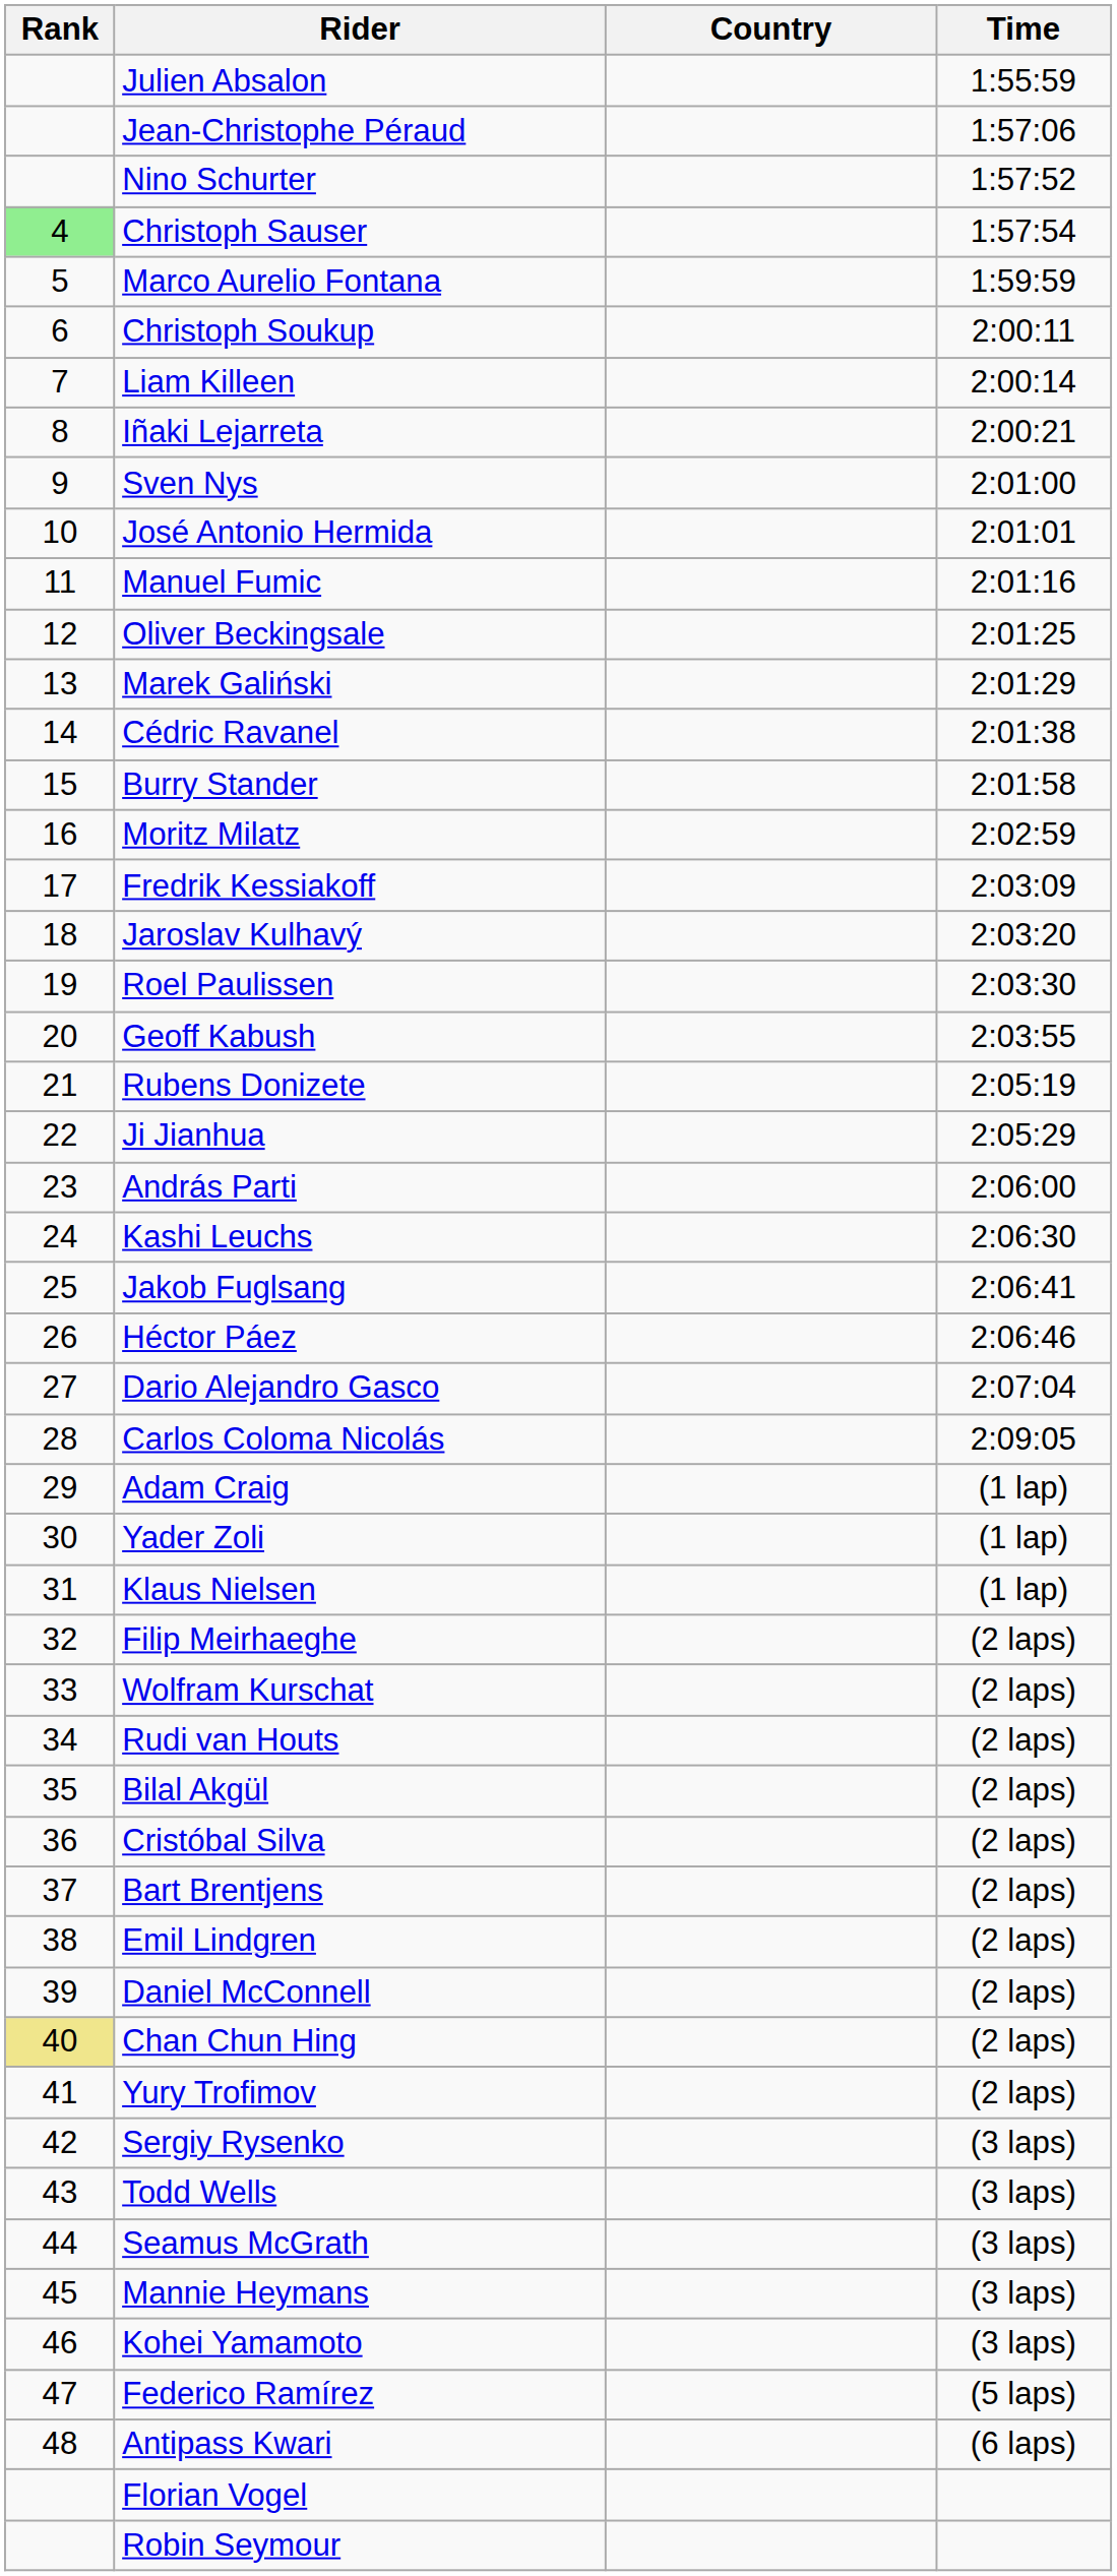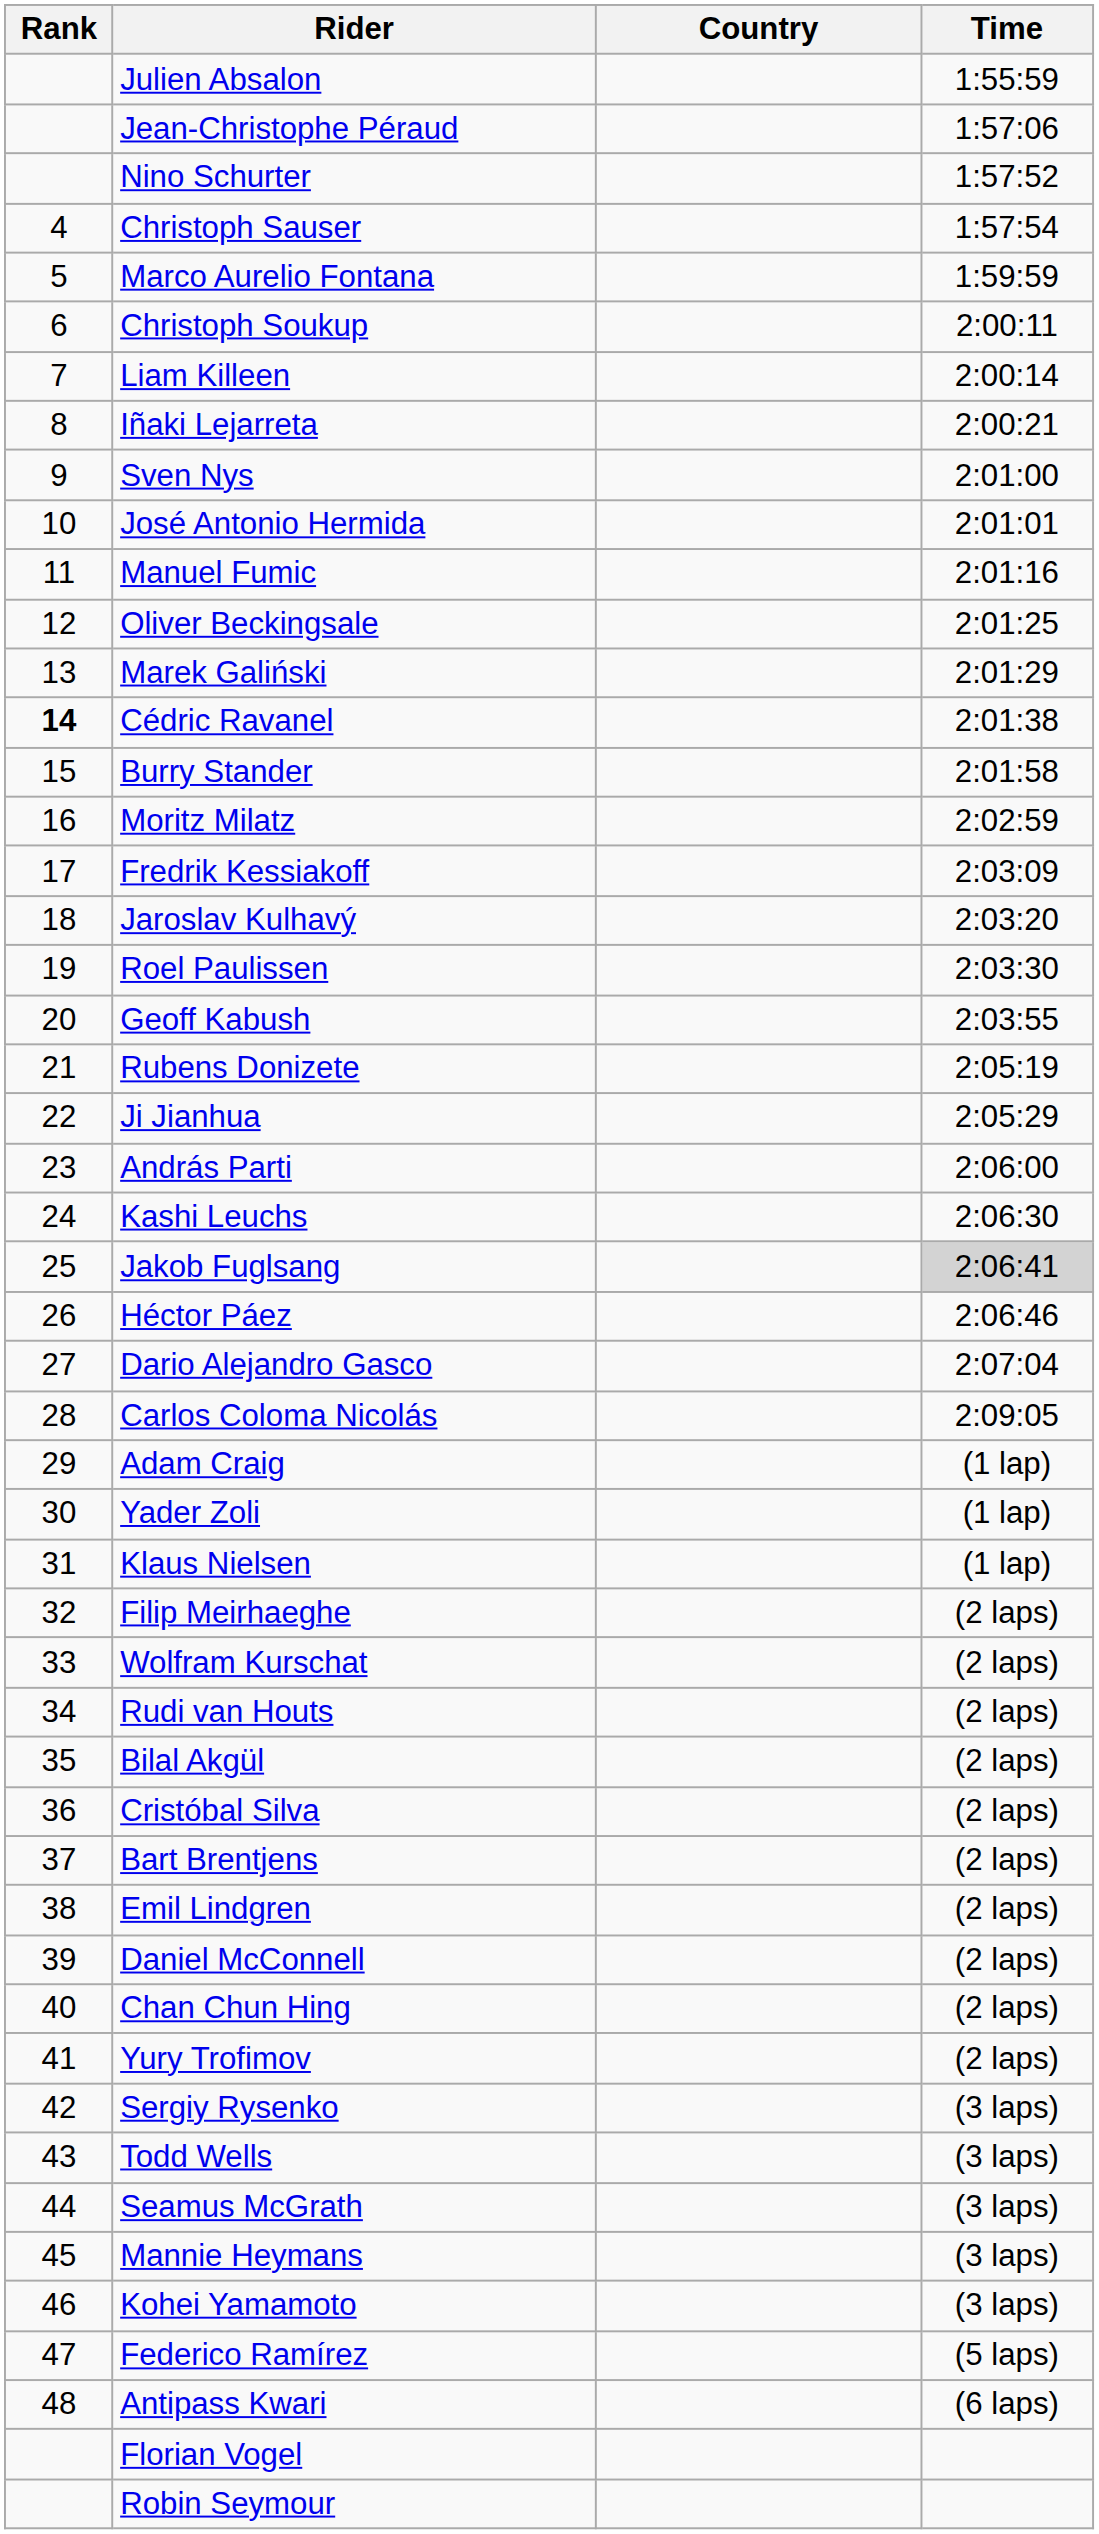 <table class="sortable wikitable" style="text-align:center;">
 <tr>
 <th style="width:3em">Rank</th>
 <th style="width:15em">Rider</th>
 <th style="width:10em">Country</th>
 <th style="width:5em">Time</th>
 </tr>
 <tr>
 <td></td>
 <td align=left><a href='#'>Julien Absalon</a></td>
 <td align=left></td>
 <td>1:55:59</td>
 </tr>
 <tr>
 <td></td>
 <td align=left><a href='#'>Jean-Christophe Péraud</a></td>
 <td align=left></td>
 <td>1:57:06</td>
 </tr>
 <tr>
 <td></td>
 <td align=left><a href='#'>Nino Schurter</a></td>
 <td align=left></td>
 <td>1:57:52</td>
 </tr>
 <tr>
-<td style="background: lightgreen;">4</td>
+<td>4</td>
 <td align=left><a href='#'>Christoph Sauser</a></td>
 <td align=left></td>
 <td>1:57:54</td>
 </tr>
 <tr>
 <td>5</td>
 <td align=left><a href='#'>Marco Aurelio Fontana</a></td>
 <td align=left></td>
 <td>1:59:59</td>
 </tr>
 <tr>
 <td>6</td>
 <td align=left><a href='#'>Christoph Soukup</a></td>
 <td align=left></td>
 <td>2:00:11</td>
 </tr>
 <tr>
 <td>7</td>
 <td align=left><a href='#'>Liam Killeen</a></td>
 <td align=left></td>
 <td>2:00:14</td>
 </tr>
 <tr>
 <td>8</td>
 <td align=left><a href='#'>Iñaki Lejarreta</a></td>
 <td align=left></td>
 <td>2:00:21</td>
 </tr>
 <tr>
 <td>9</td>
 <td align=left><a href='#'>Sven Nys</a></td>
 <td align=left></td>
 <td>2:01:00</td>
 </tr>
 <tr>
 <td>10</td>
 <td align=left><a href='#'>José Antonio Hermida</a></td>
 <td align=left></td>
 <td>2:01:01</td>
 </tr>
 <tr>
 <td>11</td>
 <td align=left><a href='#'>Manuel Fumic</a></td>
 <td align=left></td>
 <td>2:01:16</td>
 </tr>
 <tr>
 <td>12</td>
 <td align=left><a href='#'>Oliver Beckingsale</a></td>
 <td align=left></td>
 <td>2:01:25</td>
 </tr>
 <tr>
 <td>13</td>
 <td align=left><a href='#'>Marek Galiński</a></td>
 <td align=left></td>
 <td>2:01:29</td>
 </tr>
 <tr>
-<td>14</td>
+<td><strong>14</strong></td>
 <td align=left><a href='#'>Cédric Ravanel</a></td>
 <td align=left></td>
 <td>2:01:38</td>
 </tr>
 <tr>
 <td>15</td>
 <td align=left><a href='#'>Burry Stander</a></td>
 <td align=left></td>
 <td>2:01:58</td>
 </tr>
 <tr>
 <td>16</td>
 <td align=left><a href='#'>Moritz Milatz</a></td>
 <td align=left></td>
 <td>2:02:59</td>
 </tr>
 <tr>
 <td>17</td>
 <td align=left><a href='#'>Fredrik Kessiakoff</a></td>
 <td align=left></td>
 <td>2:03:09</td>
 </tr>
 <tr>
 <td>18</td>
 <td align=left><a href='#'>Jaroslav Kulhavý</a></td>
 <td align=left></td>
 <td>2:03:20</td>
 </tr>
 <tr>
 <td>19</td>
 <td align=left><a href='#'>Roel Paulissen</a></td>
 <td align=left></td>
 <td>2:03:30</td>
 </tr>
 <tr>
 <td>20</td>
 <td align=left><a href='#'>Geoff Kabush</a></td>
 <td align=left></td>
 <td>2:03:55</td>
 </tr>
 <tr>
 <td>21</td>
 <td align=left><a href='#'>Rubens Donizete</a></td>
 <td align=left></td>
 <td>2:05:19</td>
 </tr>
 <tr>
 <td>22</td>
 <td align=left><a href='#'>Ji Jianhua</a></td>
 <td align=left></td>
 <td>2:05:29</td>
 </tr>
 <tr>
 <td>23</td>
 <td align=left><a href='#'>András Parti</a></td>
 <td align=left></td>
 <td>2:06:00</td>
 </tr>
 <tr>
 <td>24</td>
 <td align=left><a href='#'>Kashi Leuchs</a></td>
 <td align=left></td>
 <td>2:06:30</td>
 </tr>
 <tr>
 <td>25</td>
 <td align=left><a href='#'>Jakob Fuglsang</a></td>
 <td align=left></td>
-<td>2:06:41</td>
+<td style="background: lightgrey;">2:06:41</td>
 </tr>
 <tr>
 <td>26</td>
 <td align=left><a href='#'>Héctor Páez</a></td>
 <td align=left></td>
 <td>2:06:46</td>
 </tr>
 <tr>
 <td>27</td>
 <td align=left><a href='#'>Dario Alejandro Gasco</a></td>
 <td align=left></td>
 <td>2:07:04</td>
 </tr>
 <tr>
 <td>28</td>
 <td align=left><a href='#'>Carlos Coloma Nicolás</a></td>
 <td align=left></td>
 <td>2:09:05</td>
 </tr>
 <tr>
 <td>29</td>
 <td align=left><a href='#'>Adam Craig</a></td>
 <td align=left></td>
 <td> (1 lap)</td>
 </tr>
 <tr>
 <td>30</td>
 <td align=left><a href='#'>Yader Zoli</a></td>
 <td align=left></td>
 <td> (1 lap)</td>
 </tr>
 <tr>
 <td>31</td>
 <td align=left><a href='#'>Klaus Nielsen</a></td>
 <td align=left></td>
 <td> (1 lap)</td>
 </tr>
 <tr>
 <td>32</td>
 <td align=left><a href='#'>Filip Meirhaeghe</a></td>
 <td align=left></td>
 <td> (2 laps)</td>
 </tr>
 <tr>
 <td>33</td>
 <td align=left><a href='#'>Wolfram Kurschat</a></td>
 <td align=left></td>
 <td> (2 laps)</td>
 </tr>
 <tr>
 <td>34</td>
 <td align=left><a href='#'>Rudi van Houts</a></td>
 <td align=left></td>
 <td> (2 laps)</td>
 </tr>
 <tr>
 <td>35</td>
 <td align=left><a href='#'>Bilal Akgül</a></td>
 <td align=left></td>
 <td> (2 laps)</td>
 </tr>
 <tr>
 <td>36</td>
 <td align=left><a href='#'>Cristóbal Silva</a></td>
 <td align=left></td>
 <td> (2 laps)</td>
 </tr>
 <tr>
 <td>37</td>
 <td align=left><a href='#'>Bart Brentjens</a></td>
 <td align=left></td>
 <td> (2 laps)</td>
 </tr>
 <tr>
 <td>38</td>
 <td align=left><a href='#'>Emil Lindgren</a></td>
 <td align=left></td>
 <td> (2 laps)</td>
 </tr>
 <tr>
 <td>39</td>
 <td align=left><a href='#'>Daniel McConnell</a></td>
 <td align=left></td>
 <td> (2 laps)</td>
 </tr>
 <tr>
-<td style="background: khaki;">40</td>
+<td>40</td>
 <td align=left><a href='#'>Chan Chun Hing</a></td>
 <td align=left></td>
 <td> (2 laps)</td>
 </tr>
 <tr>
 <td>41</td>
 <td align=left><a href='#'>Yury Trofimov</a></td>
 <td align=left></td>
 <td> (2 laps)</td>
 </tr>
 <tr>
 <td>42</td>
 <td align=left><a href='#'>Sergiy Rysenko</a></td>
 <td align=left></td>
 <td> (3 laps)</td>
 </tr>
 <tr>
 <td>43</td>
 <td align=left><a href='#'>Todd Wells</a></td>
 <td align=left></td>
 <td> (3 laps)</td>
 </tr>
 <tr>
 <td>44</td>
 <td align=left><a href='#'>Seamus McGrath</a></td>
 <td align=left></td>
 <td> (3 laps)</td>
 </tr>
 <tr>
 <td>45</td>
 <td align=left><a href='#'>Mannie Heymans</a></td>
 <td align=left></td>
 <td> (3 laps)</td>
 </tr>
 <tr>
 <td>46</td>
 <td align=left><a href='#'>Kohei Yamamoto</a></td>
 <td align=left></td>
 <td> (3 laps)</td>
 </tr>
 <tr>
 <td>47</td>
 <td align=left><a href='#'>Federico Ramírez</a></td>
 <td align=left></td>
 <td> (5 laps)</td>
 </tr>
 <tr>
 <td>48</td>
 <td align=left><a href='#'>Antipass Kwari</a></td>
 <td align=left></td>
 <td> (6 laps)</td>
 </tr>
 <tr>
 <td></td>
 <td align=left><a href='#'>Florian Vogel</a></td>
 <td align=left></td>
 <td></td>
 </tr>
 <tr>
 <td></td>
 <td align=left><a href='#'>Robin Seymour</a></td>
 <td align=left></td>
 <td></td>
 </tr>
 </table>
